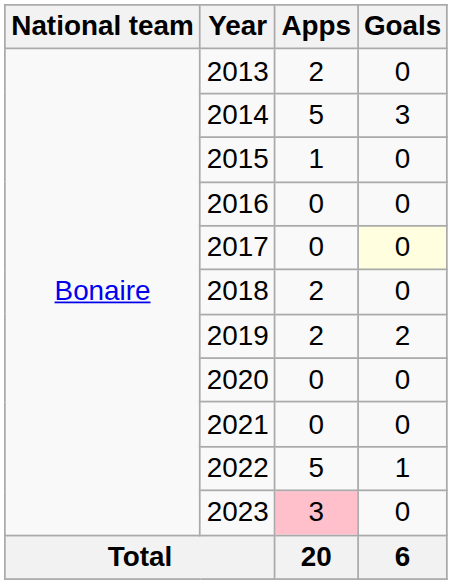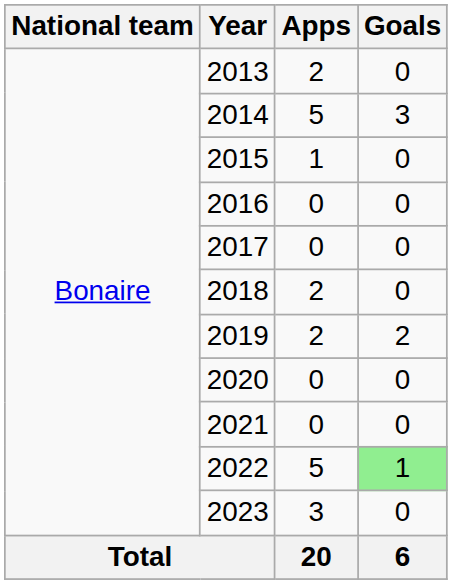 <table class="wikitable" style="text-align:center">
 <tr>
 <th>National team</th>
 <th>Year</th>
 <th>Apps</th>
 <th>Goals</th>
 </tr>
 <tr>
 <td rowspan="11"><a href='#'>Bonaire</a></td>
 <td>2013</td>
 <td>2</td>
 <td>0</td>
 </tr>
 <tr>
 <td>2014</td>
 <td>5</td>
 <td>3</td>
 </tr>
 <tr>
 <td>2015</td>
 <td>1</td>
 <td>0</td>
 </tr>
 <tr>
 <td>2016</td>
 <td>0</td>
 <td>0</td>
 </tr>
 <tr>
 <td>2017</td>
 <td>0</td>
-<td style="background: lightyellow;">0</td>
+<td>0</td>
 </tr>
 <tr>
 <td>2018</td>
 <td>2</td>
 <td>0</td>
 </tr>
 <tr>
 <td>2019</td>
 <td>2</td>
 <td>2</td>
 </tr>
 <tr>
 <td>2020</td>
 <td>0</td>
 <td>0</td>
 </tr>
 <tr>
 <td>2021</td>
 <td>0</td>
 <td>0</td>
 </tr>
 <tr>
 <td>2022</td>
 <td>5</td>
-<td>1</td>
+<td style="background: lightgreen;">1</td>
 </tr>
 <tr>
 <td>2023</td>
-<td style="background: pink;">3</td>
+<td>3</td>
 <td>0</td>
 </tr>
 <tr>
 <th colspan="2">Total</th>
 <th>20</th>
 <th>6</th>
 </tr>
 </table>
